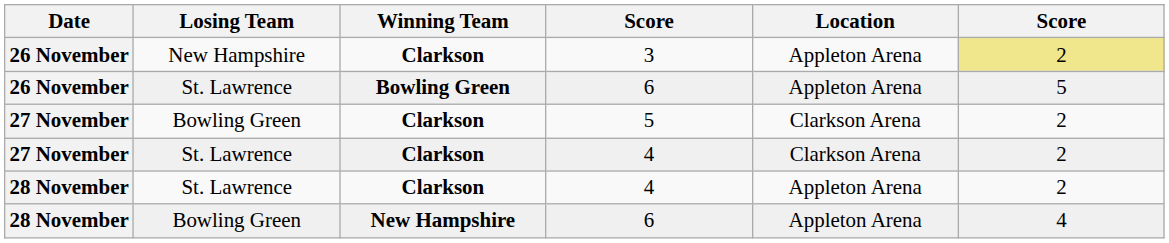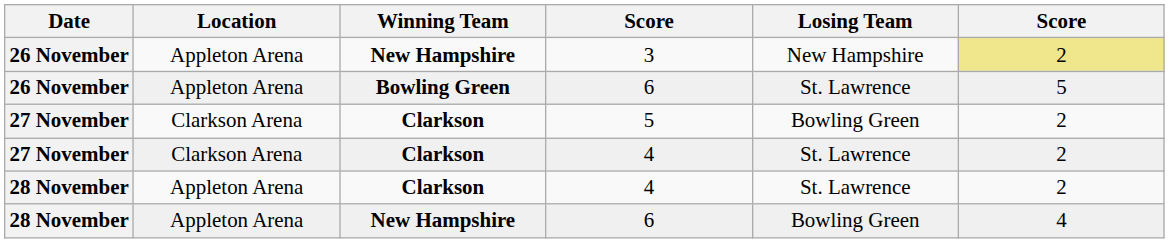 <table class="wikitable" style="text-align:center" cellpadding=2 cellspacing=2>
 <tr>
 <th>Date</th>
-<th scope="col" width="150">Losing Team</th>
+<th scope="col" width="150">Location</th>
 <th scope="col" width="150">Winning Team</th>
 <th scope="col" width="150">Score</th>
-<th scope="col" width="150">Location</th>
+<th scope="col" width="150">Losing Team</th>
 <th scope="col" width="150">Score</th>
 </tr>
 <tr>
 <th>26 November</th>
+<td>Appleton Arena</td>
+<td><strong>New Hampshire</strong></td>
+<td>3</td>
 <td>New Hampshire</td>
-<td><strong>Clarkson</strong></td>
-<td>3</td>
-<td>Appleton Arena</td>
 <td style="background: khaki;">2</td>
 </tr>
 <tr bgcolor=f0f0f0>
 <th>26 November</th>
-<td>St. Lawrence</td>
+<td>Appleton Arena</td>
 <td><strong>Bowling Green</strong></td>
 <td>6</td>
-<td>Appleton Arena</td>
+<td>St. Lawrence</td>
 <td>5</td>
 </tr>
 <tr>
 <th>27 November</th>
-<td>Bowling Green</td>
+<td>Clarkson Arena</td>
 <td><strong>Clarkson</strong></td>
 <td>5</td>
-<td>Clarkson Arena</td>
+<td>Bowling Green</td>
 <td>2</td>
 </tr>
 <tr bgcolor=f0f0f0>
 <th>27 November</th>
-<td>St. Lawrence</td>
+<td>Clarkson Arena</td>
 <td><strong>Clarkson</strong></td>
 <td>4</td>
-<td>Clarkson Arena</td>
+<td>St. Lawrence</td>
 <td>2</td>
 </tr>
 <tr>
 <th>28 November</th>
-<td>St. Lawrence</td>
+<td>Appleton Arena</td>
 <td><strong>Clarkson</strong></td>
 <td>4</td>
-<td>Appleton Arena</td>
+<td>St. Lawrence</td>
 <td>2</td>
 </tr>
 <tr bgcolor=f0f0f0>
 <th>28 November</th>
-<td>Bowling Green</td>
+<td>Appleton Arena</td>
 <td><strong>New Hampshire</strong></td>
 <td>6</td>
-<td>Appleton Arena</td>
+<td>Bowling Green</td>
 <td>4</td>
 </tr>
 </table>
